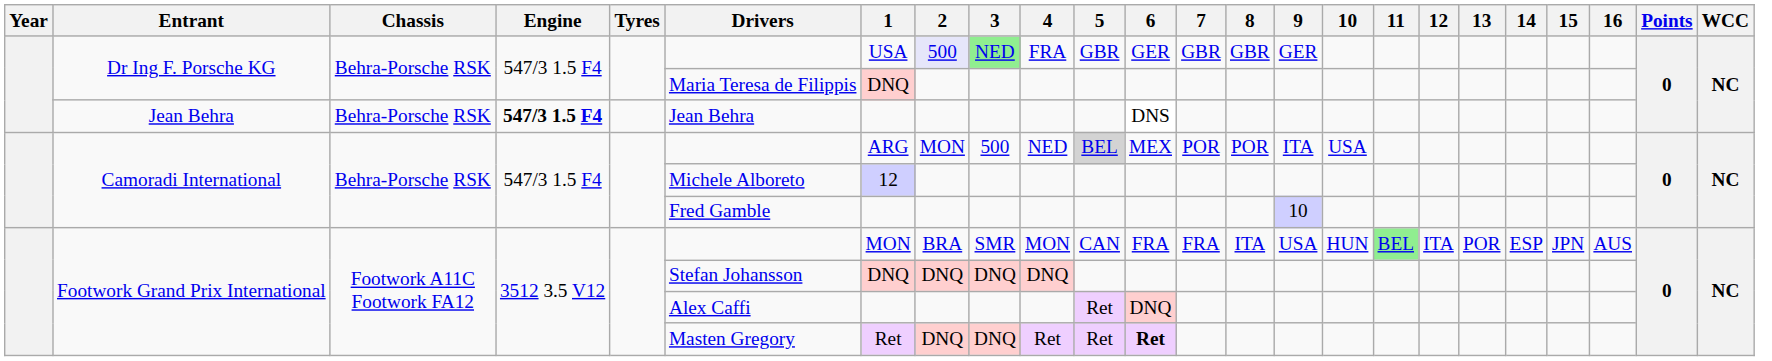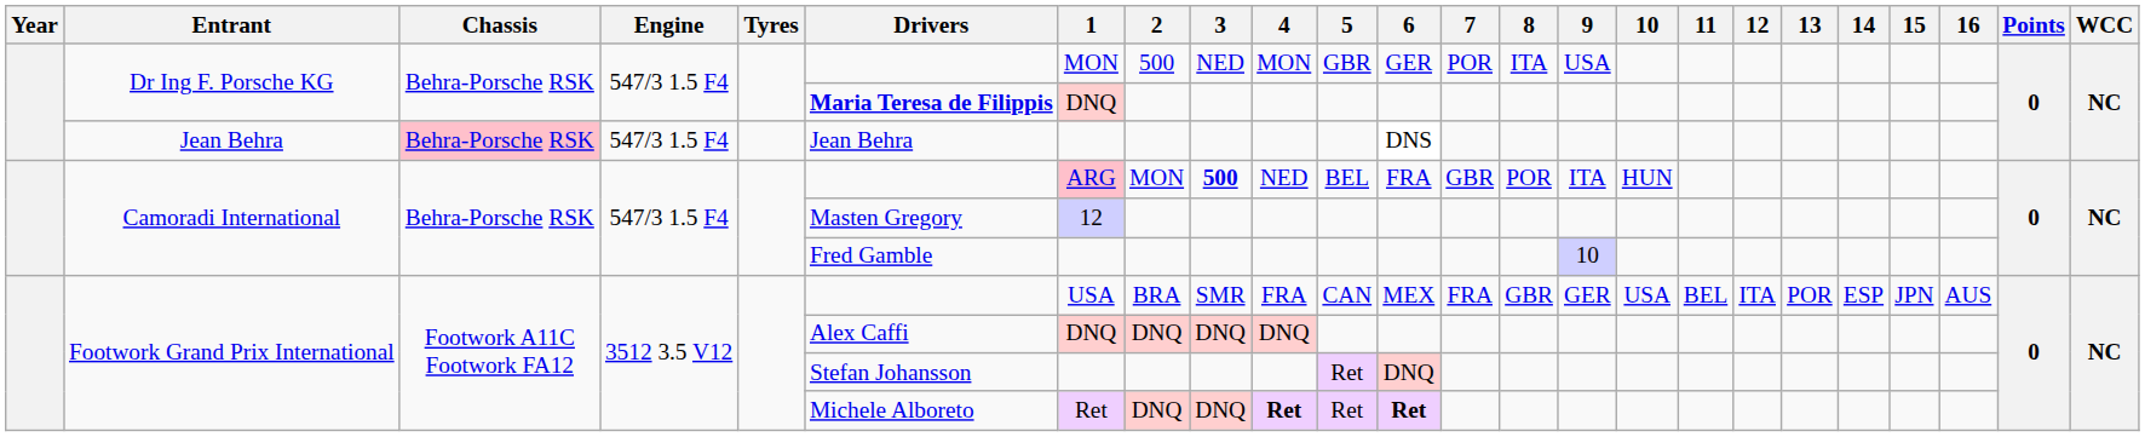 <table class="wikitable" style="text-align:center; font-size:85%">
 <tr>
 <th>Year</th>
 <th>Entrant</th>
 <th>Chassis</th>
 <th>Engine</th>
 <th>Tyres</th>
 <th>Drivers</th>
 <th>1</th>
 <th>2</th>
 <th>3</th>
 <th>4</th>
 <th>5</th>
 <th>6</th>
 <th>7</th>
 <th>8</th>
 <th>9</th>
 <th>10</th>
 <th>11</th>
 <th>12</th>
 <th>13</th>
 <th>14</th>
 <th>15</th>
 <th>16</th>
 <th><a href='#'>Points</a></th>
 <th>WCC</th>
 </tr>
 <tr>
 <th rowspan=3></th>
 <td rowspan=2><a href='#'>Dr Ing F. Porsche KG</a></td>
 <td rowspan=2><a href='#'>Behra-Porsche</a> <a href='#'>RSK</a></td>
 <td rowspan=2>547/3 1.5 <a href='#'>F4</a></td>
 <td rowspan=2></td>
 <td></td>
-<td><a href='#'>USA</a></td>
-<td style="background: lavender;"><a href='#'>500</a></td>
-<td style="background: lightgreen;"><a href='#'>NED</a></td>
-<td><a href='#'>FRA</a></td>
+<td><a href='#'>MON</a></td>
+<td><a href='#'>500</a></td>
+<td><a href='#'>NED</a></td>
+<td><a href='#'>MON</a></td>
 <td><a href='#'>GBR</a></td>
 <td><a href='#'>GER</a></td>
-<td><a href='#'>GBR</a></td>
-<td><a href='#'>GBR</a></td>
-<td><a href='#'>GER</a></td>
+<td><a href='#'>POR</a></td>
+<td><a href='#'>ITA</a></td>
+<td><a href='#'>USA</a></td>
 <td></td>
 <td></td>
 <td></td>
 <td></td>
 <td></td>
 <td></td>
 <td></td>
 <th rowspan=3>0</th>
 <th rowspan=3>NC</th>
 </tr>
 <tr>
-<td style="text-align:left"> <a href='#'>Maria Teresa de Filippis</a></td>
+<td style="text-align:left"><strong> <a href='#'>Maria Teresa de Filippis</a></strong></td>
 <td style="background:#FFCFCF;">DNQ</td>
 <td></td>
 <td></td>
 <td></td>
 <td></td>
 <td></td>
 <td></td>
 <td></td>
 <td></td>
 <td></td>
 <td></td>
 <td></td>
 <td></td>
 <td></td>
 <td></td>
 <td></td>
 </tr>
 <tr>
 <td><a href='#'>Jean Behra</a></td>
-<td><a href='#'>Behra-Porsche</a> <a href='#'>RSK</a></td>
-<td><strong>547/3 1.5 <a href='#'>F4</a></strong></td>
+<td style="background: pink;"><a href='#'>Behra-Porsche</a> <a href='#'>RSK</a></td>
+<td>547/3 1.5 <a href='#'>F4</a></td>
 <td></td>
 <td style="text-align:left"> <a href='#'>Jean Behra</a></td>
 <td></td>
 <td></td>
 <td></td>
 <td></td>
 <td></td>
 <td style="background:#FFFFFF;">DNS</td>
 <td></td>
 <td></td>
 <td></td>
 <td></td>
 <td></td>
 <td></td>
 <td></td>
 <td></td>
 <td></td>
 <td></td>
 </tr>
 <tr>
 <th rowspan=3></th>
 <td rowspan=3><a href='#'>Camoradi International</a></td>
 <td rowspan=3><a href='#'>Behra-Porsche</a> <a href='#'>RSK</a></td>
 <td rowspan=3>547/3 1.5 <a href='#'>F4</a></td>
 <td rowspan=3></td>
 <td></td>
-<td><a href='#'>ARG</a></td>
+<td style="background: pink;"><a href='#'>ARG</a></td>
 <td><a href='#'>MON</a></td>
-<td><a href='#'>500</a></td>
+<td><strong><a href='#'>500</a></strong></td>
 <td><a href='#'>NED</a></td>
-<td style="background: lightgrey;"><a href='#'>BEL</a></td>
-<td><a href='#'>MEX</a></td>
-<td><a href='#'>POR</a></td>
+<td><a href='#'>BEL</a></td>
+<td><a href='#'>FRA</a></td>
+<td><a href='#'>GBR</a></td>
 <td><a href='#'>POR</a></td>
 <td><a href='#'>ITA</a></td>
-<td><a href='#'>USA</a></td>
+<td><a href='#'>HUN</a></td>
 <td></td>
 <td></td>
 <td></td>
 <td></td>
 <td></td>
 <td></td>
 <th rowspan=3>0</th>
 <th rowspan=3>NC</th>
 </tr>
 <tr>
-<td style="text-align:left"> <a href='#'>Michele Alboreto</a></td>
+<td style="text-align:left"> <a href='#'>Masten Gregory</a></td>
 <td style="background:#CFCFFF;">12</td>
 <td></td>
 <td></td>
 <td></td>
 <td></td>
 <td></td>
 <td></td>
 <td></td>
 <td></td>
 <td></td>
 <td></td>
 <td></td>
 <td></td>
 <td></td>
 <td></td>
 <td></td>
 </tr>
 <tr>
 <td style="text-align:left"> <a href='#'>Fred Gamble</a></td>
 <td></td>
 <td></td>
 <td></td>
 <td></td>
 <td></td>
 <td></td>
 <td></td>
 <td></td>
 <td style="background:#CFCFFF;">10</td>
 <td></td>
 <td></td>
 <td></td>
 <td></td>
 <td></td>
 <td></td>
 <td></td>
 </tr>
 <tr>
 <th rowspan=4></th>
 <td rowspan=4><a href='#'>Footwork Grand Prix International</a></td>
 <td rowspan=4><a href='#'>Footwork A11C</a><br><a href='#'>Footwork FA12</a></td>
 <td rowspan=4><a href='#'>3512</a> 3.5 <a href='#'>V12</a></td>
 <td rowspan=4></td>
 <td></td>
-<td><a href='#'>MON</a></td>
+<td><a href='#'>USA</a></td>
 <td><a href='#'>BRA</a></td>
 <td><a href='#'>SMR</a></td>
-<td><a href='#'>MON</a></td>
+<td><a href='#'>FRA</a></td>
 <td><a href='#'>CAN</a></td>
+<td><a href='#'>MEX</a></td>
 <td><a href='#'>FRA</a></td>
-<td><a href='#'>FRA</a></td>
-<td><a href='#'>ITA</a></td>
+<td><a href='#'>GBR</a></td>
+<td><a href='#'>GER</a></td>
 <td><a href='#'>USA</a></td>
-<td><a href='#'>HUN</a></td>
-<td style="background: lightgreen;"><a href='#'>BEL</a></td>
+<td><a href='#'>BEL</a></td>
 <td><a href='#'>ITA</a></td>
 <td><a href='#'>POR</a></td>
 <td><a href='#'>ESP</a></td>
 <td><a href='#'>JPN</a></td>
 <td><a href='#'>AUS</a></td>
 <th rowspan=4>0</th>
 <th rowspan=4>NC</th>
 </tr>
 <tr>
-<td style="text-align:left"> <a href='#'>Stefan Johansson</a></td>
+<td style="text-align:left"> <a href='#'>Alex Caffi</a></td>
 <td style="background:#FFCFCF;">DNQ</td>
 <td style="background:#FFCFCF;">DNQ</td>
 <td style="background:#FFCFCF;">DNQ</td>
 <td style="background:#FFCFCF;">DNQ</td>
 <td></td>
 <td></td>
 <td></td>
 <td></td>
 <td></td>
 <td></td>
 <td></td>
 <td></td>
 <td></td>
 <td></td>
 <td></td>
 <td></td>
 </tr>
 <tr>
-<td style="text-align:left"> <a href='#'>Alex Caffi</a></td>
+<td style="text-align:left"> <a href='#'>Stefan Johansson</a></td>
 <td></td>
 <td></td>
 <td></td>
 <td></td>
 <td style="background:#efcfff;">Ret</td>
 <td style="background:#FFCFCF;">DNQ</td>
 <td></td>
 <td></td>
 <td></td>
 <td></td>
 <td></td>
 <td></td>
 <td></td>
 <td></td>
 <td></td>
 <td></td>
 </tr>
 <tr>
-<td style="text-align:left"> <a href='#'>Masten Gregory</a></td>
+<td style="text-align:left"> <a href='#'>Michele Alboreto</a></td>
 <td style="background:#efcfff;">Ret</td>
 <td style="background:#FFCFCF;">DNQ</td>
 <td style="background:#FFCFCF;">DNQ</td>
-<td style="background:#efcfff;">Ret</td>
+<td style="background:#efcfff;"><strong>Ret</strong></td>
 <td style="background:#efcfff;">Ret</td>
 <td style="background:#efcfff;"><strong>Ret</strong></td>
 <td></td>
 <td></td>
 <td></td>
 <td></td>
 <td></td>
 <td></td>
 <td></td>
 <td></td>
 <td></td>
 <td></td>
 </tr>
 </table>
